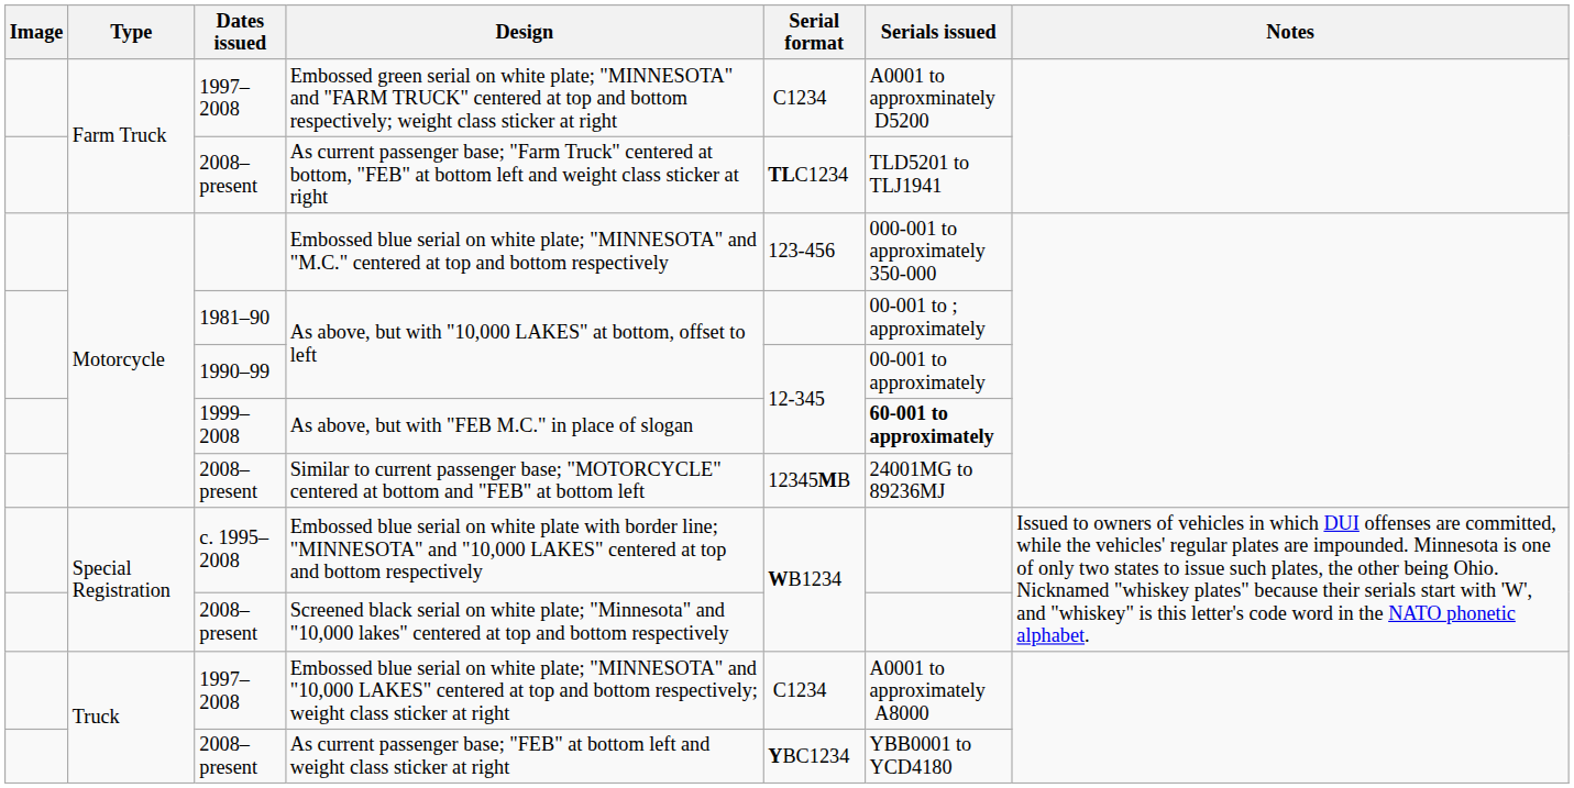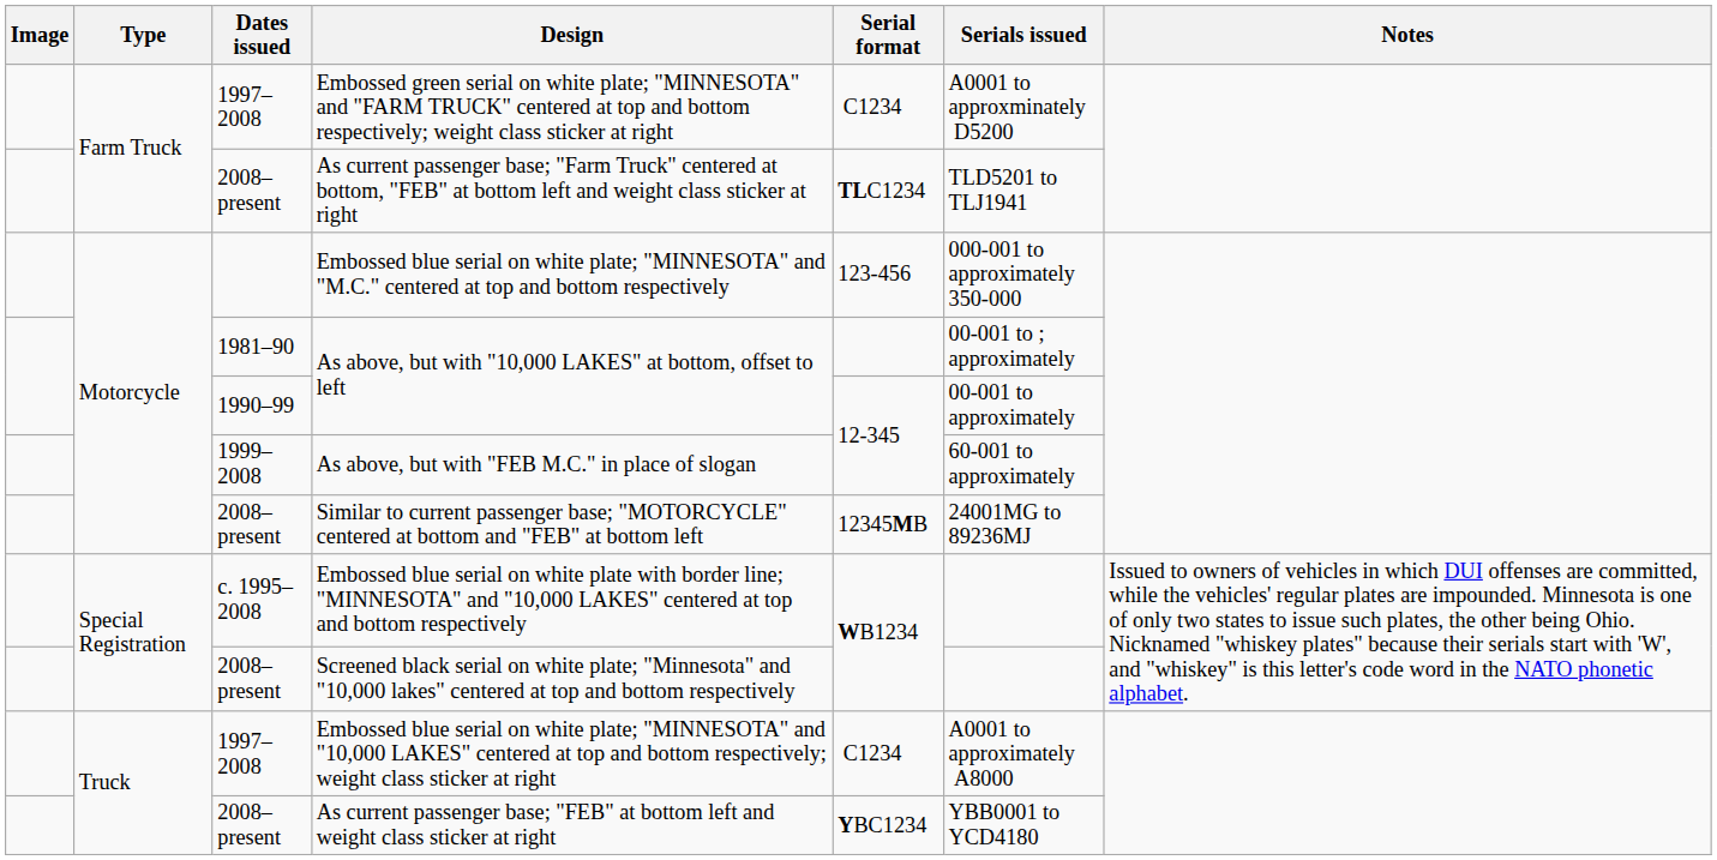 <table class="wikitable">
 <tr>
 <th>Image</th>
 <th>Type</th>
 <th>Dates issued</th>
 <th>Design</th>
 <th>Serial format</th>
 <th style="width:110px;">Serials issued</th>
 <th>Notes</th>
 </tr>
 <tr>
 <td></td>
 <td rowspan="2">Farm Truck</td>
 <td>1997–2008</td>
 <td>Embossed green serial on white plate; "MINNESOTA" and "FARM TRUCK" centered at top and bottom respectively; weight class sticker at right</td>
 <td> C1234</td>
 <td> A0001 to approxminately  D5200</td>
 <td rowspan="2"></td>
 </tr>
 <tr>
 <td></td>
 <td>2008–present</td>
 <td>As current passenger base; "Farm Truck" centered at bottom, "FEB" at bottom left and weight class sticker at right</td>
 <td><strong>TL</strong>C1234</td>
 <td>TLD5201 to TLJ1941 </td>
 </tr>
 <tr>
 <td></td>
 <td rowspan="5">Motorcycle</td>
 <td></td>
 <td>Embossed blue serial on white plate; "MINNESOTA" and "M.C." centered at top and bottom respectively</td>
 <td>123-456</td>
 <td>000-001 to approximately<br>350-000</td>
 <td rowspan="5"></td>
 </tr>
 <tr>
 <td rowspan="2"></td>
 <td>1981–90</td>
 <td rowspan="2">As above, but with "10,000 LAKES" at bottom, offset to left</td>
 <td></td>
 <td> 00-001 to ;  approximately </td>
 </tr>
 <tr>
 <td>1990–99</td>
 <td rowspan="2">12-345 </td>
 <td>00-001  to approximately </td>
 </tr>
 <tr>
 <td></td>
 <td>1999–2008</td>
 <td>As above, but with "FEB M.C." in place of slogan</td>
-<td><strong>60-001  to approximately </strong></td>
+<td>60-001  to approximately </td>
 </tr>
 <tr>
 <td></td>
 <td>2008–present</td>
 <td>Similar to current passenger base; "MOTORCYCLE" centered at bottom and "FEB" at bottom left</td>
 <td>12345<strong>M</strong>B</td>
 <td>24001MG to 89236MJ </td>
 </tr>
 <tr>
 <td></td>
 <td rowspan="2">Special Registration</td>
 <td>c. 1995–2008</td>
 <td>Embossed blue serial on white plate with border line; "MINNESOTA" and "10,000 LAKES" centered at top and bottom respectively</td>
 <td rowspan="2"><strong>W</strong>B1234</td>
 <td></td>
 <td rowspan="2">Issued to owners of vehicles in which <a href='#'>DUI</a> offenses are committed, while the vehicles' regular plates are impounded. Minnesota is one of only two states to issue such plates, the other being Ohio.<br>Nicknamed "whiskey plates" because their serials start with 'W', and "whiskey" is this letter's code word in the <a href='#'>NATO phonetic alphabet</a>.</td>
 </tr>
 <tr>
 <td></td>
 <td>2008–present</td>
 <td>Screened black serial on white plate; "Minnesota" and "10,000 lakes" centered at top and bottom respectively</td>
 <td></td>
 </tr>
 <tr>
 <td></td>
 <td rowspan="2">Truck</td>
 <td>1997–2008</td>
 <td>Embossed blue serial on white plate; "MINNESOTA" and "10,000 LAKES" centered at top and bottom respectively; weight class sticker at right</td>
 <td> C1234</td>
 <td> A0001 to approximately  A8000</td>
 <td rowspan="2"></td>
 </tr>
 <tr>
 <td></td>
 <td>2008–present</td>
 <td>As current passenger base; "FEB" at bottom left and weight class sticker at right</td>
 <td><strong>Y</strong>BC1234</td>
 <td>YBB0001 to YCD4180 </td>
 </tr>
 </table>
